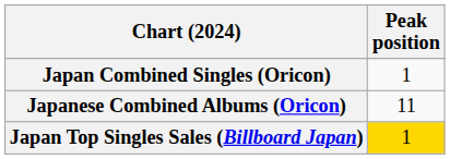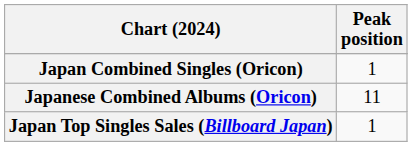 <table class="wikitable sortable plainrowheaders" style="text-align:center">
 <tr>
 <th scope="col">Chart (2024)</th>
 <th scope="col">Peak<br>position</th>
 </tr>
 <tr>
 </tr>
 <tr>
 <th scope="row">Japan Combined Singles (Oricon)</th>
 <td>1</td>
 </tr>
 <tr>
 <th scope="row">Japanese Combined Albums (<a href='#'>Oricon</a>)</th>
 <td>11</td>
 </tr>
 <tr>
 <th scope="row">Japan Top Singles Sales (<em><a href='#'>Billboard Japan</a></em>)</th>
-<td style="background: gold;">1</td>
+<td>1</td>
 </tr>
 </table>
